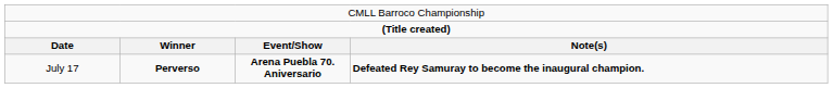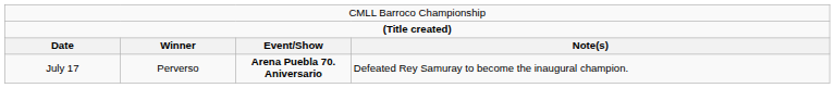 <table class="wikitable" style="text-align:center; width:100%;">
 <tr>
 <td colspan="5" style="text-align: center;">CMLL Barroco Championship</td>
 </tr>
 <tr>
 <td colspan="5" style="text-align: center;"><strong>(Title created)</strong></td>
 </tr>
 <tr>
 <th width=14%>Date</th>
 <th width=14%>Winner</th>
 <th width=14%>Event/Show</th>
 <th width=58%>Note(s)</th>
 </tr>
 <tr>
 <td>July 17</td>
-<td><strong>Perverso</strong></td>
+<td>Perverso</td>
 <td><strong>Arena Puebla 70. Aniversario</strong></td>
-<td align=left><strong>Defeated Rey Samuray to become the inaugural champion.</strong></td>
+<td align=left>Defeated Rey Samuray to become the inaugural champion.</td>
 </tr>
 </table>
